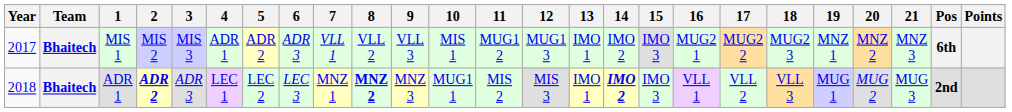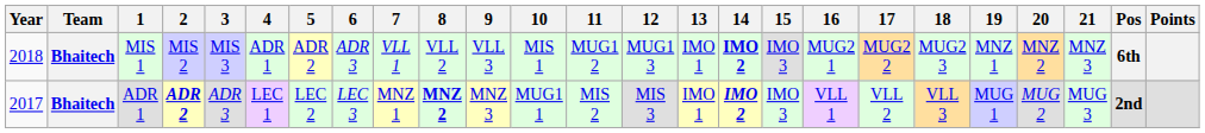 <table class="wikitable" style="text-align:center; font-size:85%">
 <tr>
 <th>Year</th>
 <th>Team</th>
 <th>1</th>
 <th>2</th>
 <th>3</th>
 <th>4</th>
 <th>5</th>
 <th>6</th>
 <th>7</th>
 <th>8</th>
 <th>9</th>
 <th>10</th>
 <th>11</th>
 <th>12</th>
 <th>13</th>
 <th>14</th>
 <th>15</th>
 <th>16</th>
 <th>17</th>
 <th>18</th>
 <th>19</th>
 <th>20</th>
 <th>21</th>
 <th>Pos</th>
 <th>Points</th>
 </tr>
 <tr>
-<td><a href='#'>2017</a></td>
+<td><a href='#'>2018</a></td>
 <th><a href='#'>Bhaitech</a></th>
 <td style="background:#DFFFDF;"><a href='#'>MIS<br>1</a><br></td>
 <td style="background:#CFCFFF;"><a href='#'>MIS<br>2</a><br></td>
 <td style="background:#CFCFFF;"><a href='#'>MIS<br>3</a><br></td>
 <td style="background:#DFFFDF;"><a href='#'>ADR<br>1</a><br></td>
 <td style="background:#FFFFBF;"><a href='#'>ADR<br>2</a><br></td>
 <td style="background:#DFFFDF;"><em><a href='#'>ADR<br>3</a></em><br></td>
 <td style="background:#DFFFDF;"><em><a href='#'>VLL<br>1</a></em><br></td>
 <td style="background:#DFFFDF;"><a href='#'>VLL<br>2</a><br></td>
 <td style="background:#DFFFDF;"><a href='#'>VLL<br>3</a><br></td>
 <td style="background:#DFFFDF;"><a href='#'>MIS<br>1</a><br></td>
 <td style="background:#DFFFDF;"><a href='#'>MUG1<br>2</a><br></td>
 <td style="background:#DFFFDF;"><a href='#'>MUG1<br>3</a><br></td>
 <td style="background:#DFFFDF;"><a href='#'>IMO<br>1</a><br></td>
-<td style="background:#DFFFDF;"><a href='#'>IMO<br>2</a><br></td>
+<td style="background:#DFFFDF;"><strong><a href='#'>IMO<br>2</a><br></strong></td>
 <td style="background:#DFDFDF;"><a href='#'>IMO<br>3</a><br></td>
 <td style="background:#DFFFDF;"><a href='#'>MUG2<br>1</a><br></td>
 <td style="background:#FFDF9F;"><a href='#'>MUG2<br>2</a><br></td>
 <td style="background:#DFFFDF;"><a href='#'>MUG2<br>3</a><br></td>
 <td style="background:#DFFFDF;"><a href='#'>MNZ<br>1</a><br></td>
 <td style="background:#FFDF9F;"><a href='#'>MNZ<br>2</a><br></td>
 <td style="background:#DFFFDF;"><a href='#'>MNZ<br>3</a><br></td>
 <th>6th</th>
 <th></th>
 </tr>
 <tr>
-<td><a href='#'>2018</a></td>
+<td><a href='#'>2017</a></td>
 <th><a href='#'>Bhaitech</a></th>
 <td style="background:#DFDFDF;"><a href='#'>ADR<br>1</a><br></td>
 <td style="background:#FFFFBF;"><strong><em><a href='#'>ADR<br>2</a></em></strong><br></td>
 <td style="background:#DFDFDF;"><em><a href='#'>ADR<br>3</a></em><br></td>
 <td style="background:#EFCFFF;"><a href='#'>LEC<br>1</a><br></td>
 <td style="background:#DFFFDF;"><a href='#'>LEC<br>2</a><br></td>
 <td style="background:#DFFFDF;"><em><a href='#'>LEC<br>3</a></em><br></td>
 <td style="background:#FFFFBF;"><a href='#'>MNZ<br>1</a><br></td>
 <td style="background:#DFFFDF;"><strong><a href='#'>MNZ<br>2</a></strong><br></td>
 <td style="background:#FFFFBF;"><a href='#'>MNZ<br>3</a><br></td>
 <td style="background:#DFFFDF;"><a href='#'>MUG1<br>1</a><br></td>
 <td style="background:#DFFFDF;"><a href='#'>MIS<br>2</a><br></td>
 <td style="background:#DFDFDF;"><a href='#'>MIS<br>3</a><br></td>
 <td style="background:#FFFFBF;"><a href='#'>IMO<br>1</a><br></td>
 <td style="background:#FFFFBF;"><strong><em><a href='#'>IMO<br>2</a></em></strong><br></td>
 <td style="background:#DFFFDF;"><a href='#'>IMO<br>3</a><br></td>
 <td style="background:#EFCFFF;"><a href='#'>VLL<br>1</a><br></td>
 <td style="background:#DFFFDF;"><a href='#'>VLL<br>2</a><br></td>
 <td style="background:#FFDF9F;"><a href='#'>VLL<br>3</a><br></td>
 <td style="background:#CFCFFF;"><a href='#'>MUG<br>1</a><br></td>
 <td style="background:#DFDFDF;"><em><a href='#'>MUG<br>2</a></em><br></td>
 <td style="background:#DFFFDF;"><a href='#'>MUG<br>3</a><br></td>
 <th style="background:#DFDFDF;">2nd</th>
 <th style="background:#DFDFDF;"></th>
 </tr>
 </table>
